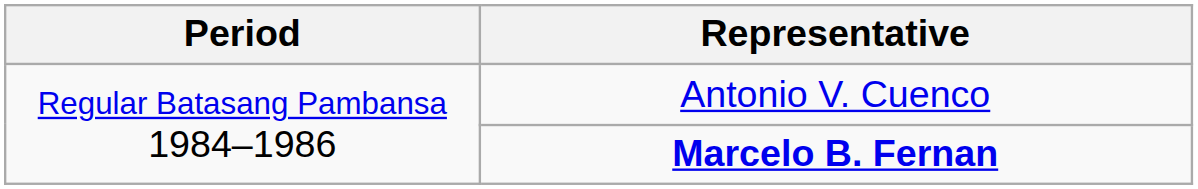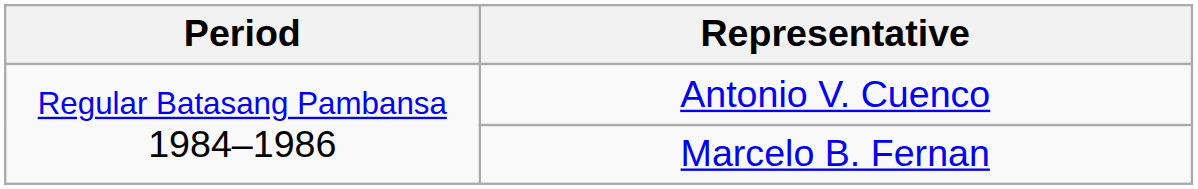 <table class="wikitable" style="text-align:center; width:40%;">
 <tr>
 <th width="40%">Period</th>
 <th>Representative</th>
 </tr>
 <tr>
 <td rowspan="2"><small><a href='#'>Regular Batasang Pambansa</a></small><br>1984–1986</td>
 <td><a href='#'>Antonio V. Cuenco</a></td>
 </tr>
 <tr>
-<td><strong><a href='#'>Marcelo B. Fernan</a></strong></td>
+<td><a href='#'>Marcelo B. Fernan</a></td>
 </tr>
 </table>
